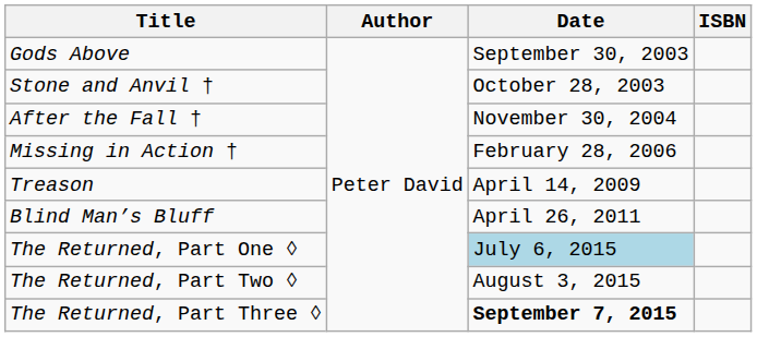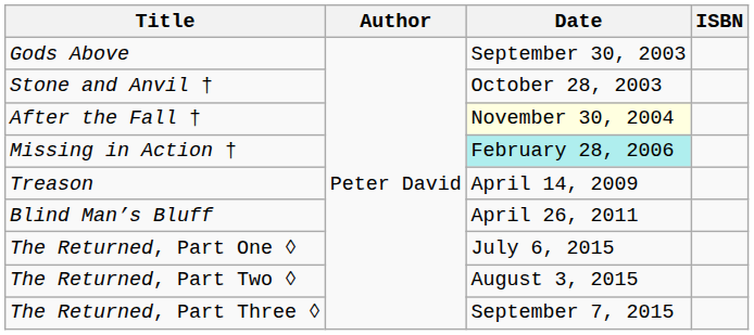 <table class="wikitable">
 <tr>
 <th>Title</th>
 <th>Author</th>
 <th>Date</th>
 <th>ISBN</th>
 </tr>
 <tr>
 <td><em>Gods Above</em></td>
 <td rowspan="9">Peter David</td>
 <td>September 30, 2003</td>
 <td></td>
 </tr>
 <tr>
 <td><em>Stone and Anvil</em> †</td>
 <td>October 28, 2003</td>
 <td></td>
 </tr>
 <tr>
 <td><em>After the Fall</em> †</td>
-<td>November 30, 2004</td>
+<td style="background: lightyellow;">November 30, 2004</td>
 <td></td>
 </tr>
 <tr>
 <td><em>Missing in Action</em> †</td>
-<td>February 28, 2006</td>
+<td style="background: paleturquoise;">February 28, 2006</td>
 <td></td>
 </tr>
 <tr>
 <td><em>Treason</em></td>
 <td>April 14, 2009</td>
 <td></td>
 </tr>
 <tr>
 <td><em>Blind Man’s Bluff</em></td>
 <td>April 26, 2011</td>
 <td></td>
 </tr>
 <tr>
 <td><em>The Returned</em>, Part One ◊</td>
-<td style="background: lightblue;">July 6, 2015</td>
+<td>July 6, 2015</td>
 <td></td>
 </tr>
 <tr>
 <td><em>The Returned</em>, Part Two ◊</td>
 <td>August 3, 2015</td>
 <td></td>
 </tr>
 <tr>
 <td><em>The Returned</em>, Part Three ◊</td>
-<td><strong>September 7, 2015</strong></td>
+<td>September 7, 2015</td>
 <td></td>
 </tr>
 </table>
